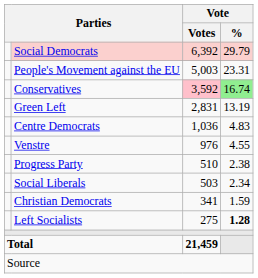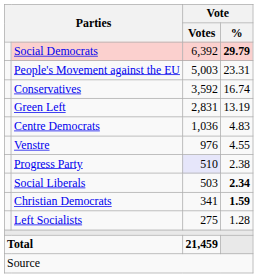 <table class="wikitable" style="text-align:right;">
 <tr>
 <th style="text-align:centre;" rowspan="2" colspan="2" width="225">Parties</th>
 <th colspan="3">Vote</th>
 </tr>
 <tr>
 <th width="15">Votes</th>
 <th width="15">%</th>
 </tr>
 <tr>
 <td width="2" style="color:inherit;background:"></td>
 <td bgcolor=#fbd0ce   align="left"><a href='#'>Social Democrats</a></td>
 <td bgcolor=#fbd0ce>6,392</td>
-<td bgcolor=#fbd0ce>29.79</td>
+<td bgcolor=#fbd0ce><strong>29.79</strong></td>
 </tr>
 <tr>
 <td width="2" style="color:inherit;background:"></td>
 <td align="left"><a href='#'>People's Movement against the EU</a></td>
 <td>5,003</td>
 <td>23.31</td>
 </tr>
 <tr>
 <td width="2" style="color:inherit;background:"></td>
 <td align="left"><a href='#'>Conservatives</a></td>
-<td style="background: pink;">3,592</td>
-<td style="background: lightgreen;">16.74</td>
+<td>3,592</td>
+<td>16.74</td>
 </tr>
 <tr>
 <td width="2" style="color:inherit;background:"></td>
 <td align="left"><a href='#'>Green Left</a></td>
 <td>2,831</td>
 <td>13.19</td>
 </tr>
 <tr>
 <td width="2" style="color:inherit;background:"></td>
 <td align="left"><a href='#'>Centre Democrats</a></td>
 <td>1,036</td>
 <td>4.83</td>
 </tr>
 <tr>
 <td width="2" style="color:inherit;background:"></td>
 <td align="left"><a href='#'>Venstre</a></td>
 <td>976</td>
 <td>4.55</td>
 </tr>
 <tr>
 <td width="2" style="color:inherit;background:"></td>
 <td align="left"><a href='#'>Progress Party</a></td>
-<td>510</td>
+<td style="background: lavender;">510</td>
 <td>2.38</td>
 </tr>
 <tr>
 <td width="2" style="color:inherit;background:"></td>
 <td align="left"><a href='#'>Social Liberals</a></td>
 <td>503</td>
-<td>2.34</td>
+<td><strong>2.34</strong></td>
 </tr>
 <tr>
 <td width="2" style="color:inherit;background:"></td>
 <td align="left"><a href='#'>Christian Democrats</a></td>
 <td>341</td>
-<td>1.59</td>
+<td><strong>1.59</strong></td>
 </tr>
 <tr>
 <td width="2" style="color:inherit;background:"></td>
 <td align="left"><a href='#'>Left Socialists</a></td>
 <td>275</td>
-<td><strong>1.28</strong></td>
+<td>1.28</td>
 </tr>
 <tr>
 <td colspan="7" bgcolor="#E9E9E9"></td>
 </tr>
 <tr>
 <td align="left" colspan="2"><strong>Total</strong></td>
 <td><strong>21,459</strong></td>
 <td bgcolor="#E9E9E9" colspan="2"></td>
 </tr>
 <tr>
 <td align="left" colspan="6">Source</td>
 </tr>
 </table>
